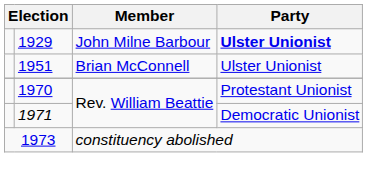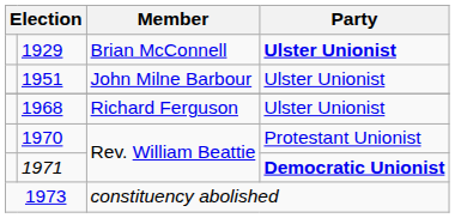 <table class="wikitable">
 <tr>
 <th colspan="2">Election</th>
 <th>Member</th>
 <th>Party</th>
 </tr>
 <tr>
 <td style="background-color: "></td>
 <td><a href='#'>1929</a></td>
-<td><a href='#'>John Milne Barbour</a></td>
+<td><a href='#'>Brian McConnell</a></td>
 <td><strong><a href='#'>Ulster Unionist</a></strong></td>
 </tr>
 <tr>
 <td style="background-color: "></td>
 <td><a href='#'>1951</a></td>
-<td><a href='#'>Brian McConnell</a></td>
+<td><a href='#'>John Milne Barbour</a></td>
 <td><a href='#'>Ulster Unionist</a></td>
 </tr>
 <tr>
+</tr>
+<tr>
+<td style="background-color: "></td>
+<td><a href='#'>1968</a></td>
+<td><a href='#'>Richard Ferguson</a></td>
+<td><a href='#'>Ulster Unionist</a></td>
 </tr>
 <tr>
 <td style="background-color: "></td>
 <td><a href='#'>1970</a></td>
 <td rowspan=2>Rev. <a href='#'>William Beattie</a></td>
 <td><a href='#'>Protestant Unionist</a></td>
 </tr>
 <tr>
 <td style="background-color: "></td>
 <td><em>1971</em></td>
-<td><a href='#'>Democratic Unionist</a></td>
+<td><strong><a href='#'>Democratic Unionist</a></strong></td>
 </tr>
 <tr>
 <td colspan="2" align="center"><a href='#'>1973</a></td>
 <td colspan="2"><em>constituency abolished</em></td>
 </tr>
 </table>
